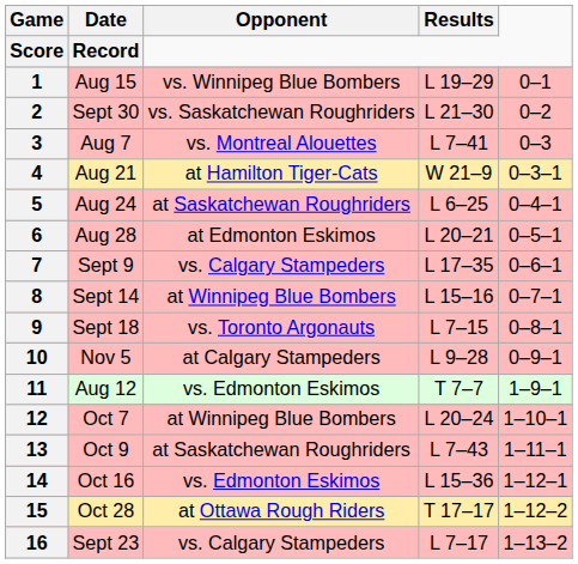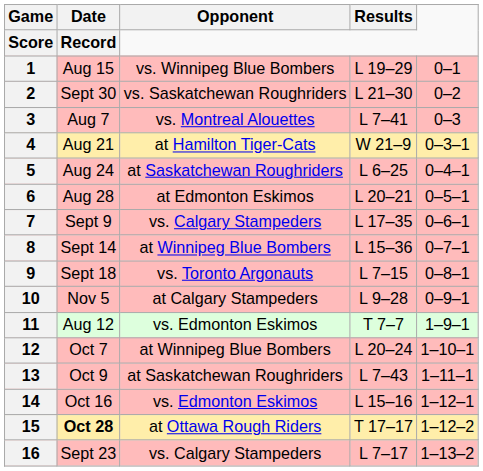 <table class="wikitable" style="text-align:center">
 <tr>
 <th>Game</th>
 <th>Date</th>
 <th>Opponent</th>
 <th>Results</th>
 </tr>
 <tr>
 <th>Score</th>
 <th>Record</th>
 </tr>
 <tr style="background:#ffbbbb">
 <th>1</th>
 <td>Aug 15</td>
 <td>vs. Winnipeg Blue Bombers</td>
 <td>L 19–29</td>
 <td>0–1</td>
 </tr>
 <tr style="background:#ffbbbb">
 <th>2</th>
 <td>Sept 30</td>
 <td>vs. Saskatchewan Roughriders</td>
 <td>L 21–30</td>
 <td>0–2</td>
 </tr>
 <tr style="background:#ffbbbb">
 <th>3</th>
 <td>Aug 7</td>
 <td>vs. <a href='#'>Montreal Alouettes</a></td>
 <td>L 7–41</td>
 <td>0–3</td>
 </tr>
 <tr style="background:#ffeeaa">
 <th>4</th>
 <td>Aug 21</td>
 <td>at <a href='#'>Hamilton Tiger-Cats</a></td>
 <td>W 21–9</td>
 <td>0–3–1</td>
 </tr>
 <tr style="background:#ffbbbb">
 <th>5</th>
 <td>Aug 24</td>
 <td>at <a href='#'>Saskatchewan Roughriders</a></td>
 <td>L 6–25</td>
 <td>0–4–1</td>
 </tr>
 <tr style="background:#ffbbbb">
 <th>6</th>
 <td>Aug 28</td>
 <td>at Edmonton Eskimos</td>
 <td>L 20–21</td>
 <td>0–5–1</td>
 </tr>
 <tr style="background:#ffbbbb">
 <th>7</th>
 <td>Sept 9</td>
 <td>vs. <a href='#'>Calgary Stampeders</a></td>
 <td>L 17–35</td>
 <td>0–6–1</td>
 </tr>
 <tr style="background:#ffbbbb">
 <th>8</th>
 <td>Sept 14</td>
 <td>at <a href='#'>Winnipeg Blue Bombers</a></td>
-<td>L 15–16</td>
+<td>L 15–36</td>
 <td>0–7–1</td>
 </tr>
 <tr style="background:#ffbbbb">
 <th>9</th>
 <td>Sept 18</td>
 <td>vs. <a href='#'>Toronto Argonauts</a></td>
 <td>L 7–15</td>
 <td>0–8–1</td>
 </tr>
 <tr style="background:#ffbbbb">
 <th>10</th>
 <td>Nov 5</td>
 <td>at Calgary Stampeders</td>
 <td>L 9–28</td>
 <td>0–9–1</td>
 </tr>
 <tr style="background:#ddffdd">
 <th>11</th>
 <td>Aug 12</td>
 <td>vs. Edmonton Eskimos</td>
 <td>T 7–7</td>
 <td>1–9–1</td>
 </tr>
 <tr style="background:#ffbbbb">
 <th>12</th>
 <td>Oct 7</td>
 <td>at Winnipeg Blue Bombers</td>
 <td>L 20–24</td>
 <td>1–10–1</td>
 </tr>
 <tr style="background:#ffbbbb">
 <th>13</th>
 <td>Oct 9</td>
 <td>at Saskatchewan Roughriders</td>
 <td>L 7–43</td>
 <td>1–11–1</td>
 </tr>
 <tr style="background:#ffbbbb">
 <th>14</th>
 <td>Oct 16</td>
 <td>vs. <a href='#'>Edmonton Eskimos</a></td>
-<td>L 15–36</td>
+<td>L 15–16</td>
 <td>1–12–1</td>
 </tr>
 <tr style="background:#ffeeaa">
 <th>15</th>
-<td>Oct 28</td>
+<td><strong>Oct 28</strong></td>
 <td>at <a href='#'>Ottawa Rough Riders</a></td>
 <td>T 17–17</td>
 <td>1–12–2</td>
 </tr>
 <tr style="background:#ffbbbb">
 <th>16</th>
 <td>Sept 23</td>
 <td>vs. Calgary Stampeders</td>
 <td>L 7–17</td>
 <td>1–13–2</td>
 </tr>
 </table>
